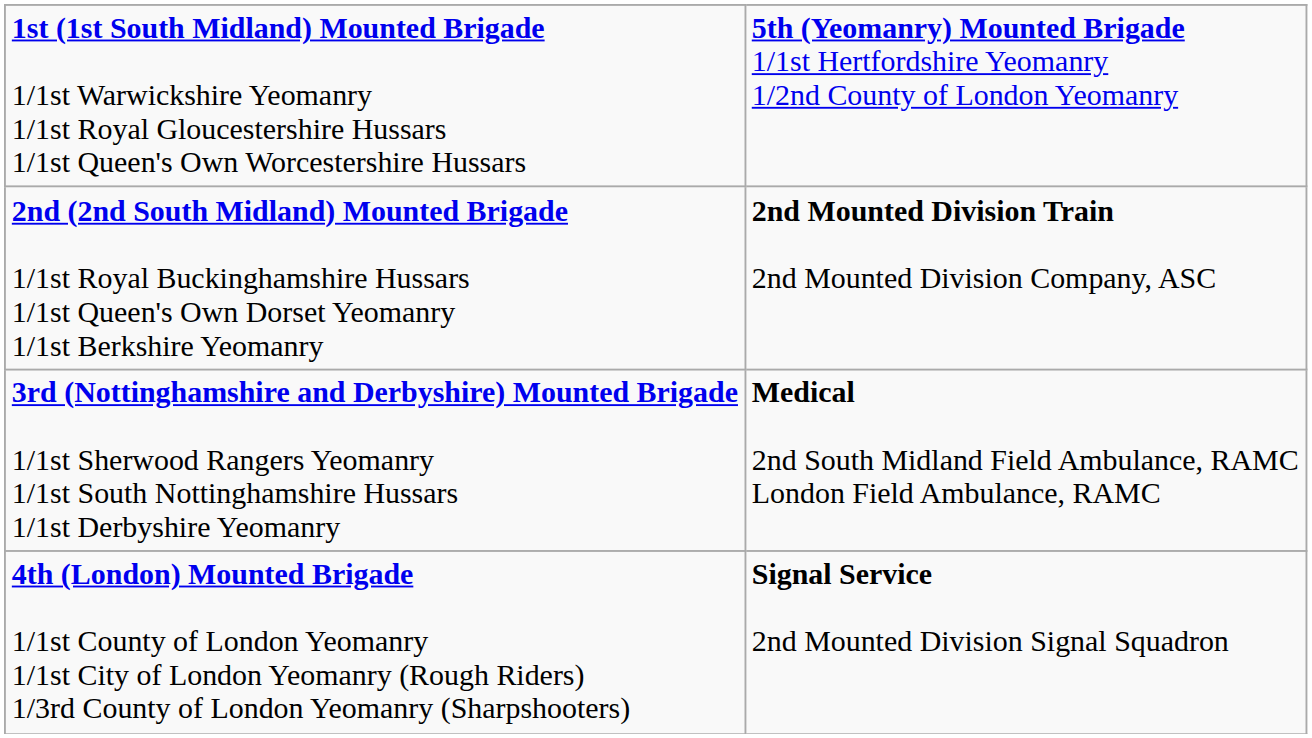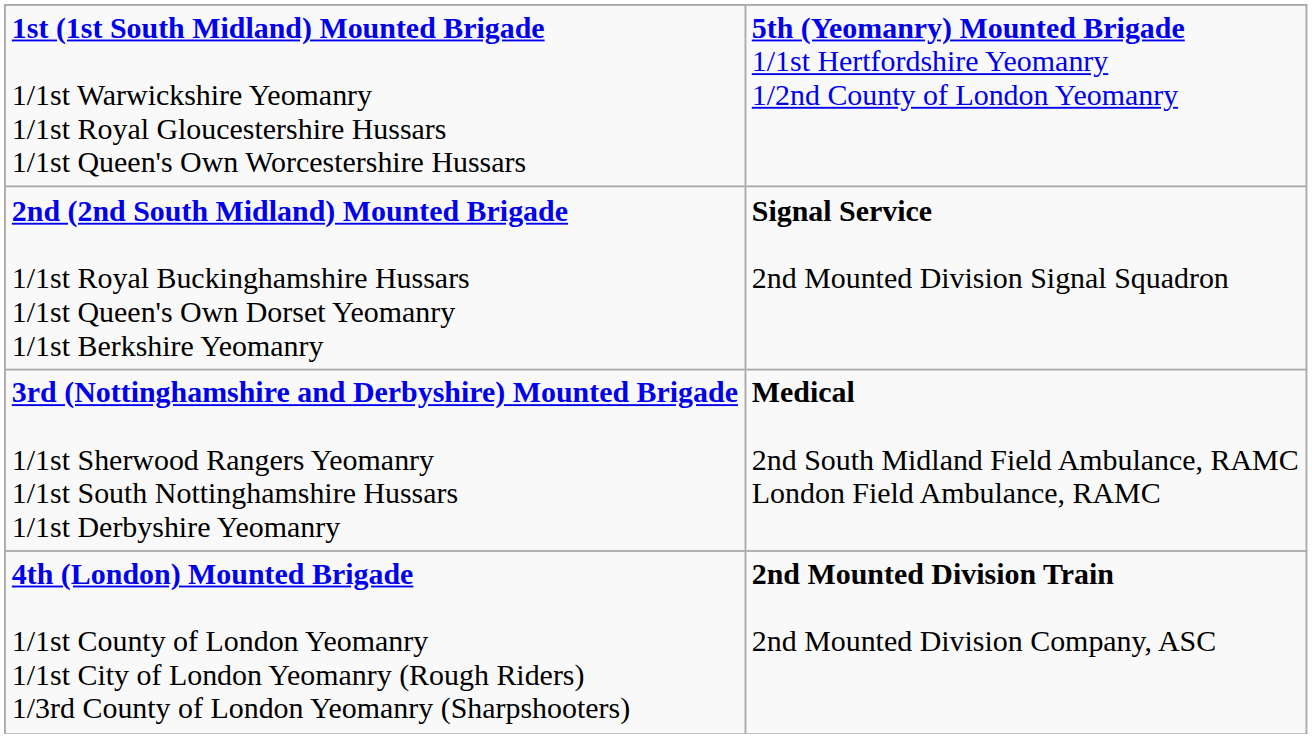 <table class="wikitable" border="1">
 <tr>
 <td valign=top><strong><a href='#'>1st (1st South Midland) Mounted Brigade</a></strong><br><br>1/1st Warwickshire Yeomanry<br> 1/1st Royal Gloucestershire Hussars<br> 1/1st Queen's Own Worcestershire Hussars</td>
 <td valign=top><strong><a href='#'>5th (Yeomanry) Mounted Brigade</a></strong><br><a href='#'>1/1st Hertfordshire Yeomanry</a><br> <a href='#'>1/2nd County of London Yeomanry</a></td>
 </tr>
 <tr>
 <td valign=top><strong><a href='#'>2nd (2nd South Midland) Mounted Brigade</a></strong><br><br>1/1st Royal Buckinghamshire Hussars<br> 1/1st Queen's Own Dorset Yeomanry<br> 1/1st Berkshire Yeomanry</td>
-<td valign=top><strong>2nd Mounted Division Train</strong><br><br>2nd Mounted Division Company, ASC</td>
+<td valign=top><strong>Signal Service</strong><br><br>2nd Mounted Division Signal Squadron</td>
 </tr>
 <tr>
 <td valign=top><strong><a href='#'>3rd (Nottinghamshire and Derbyshire) Mounted Brigade</a></strong><br><br>1/1st Sherwood Rangers Yeomanry<br> 1/1st South Nottinghamshire Hussars<br> 1/1st Derbyshire Yeomanry</td>
 <td valign=top><strong>Medical</strong><br><br>2nd South Midland Field Ambulance, RAMC<br> London Field Ambulance, RAMC</td>
 </tr>
 <tr>
 <td valign=top><strong><a href='#'>4th (London) Mounted Brigade</a></strong><br><br>1/1st County of London Yeomanry<br> 1/1st City of London Yeomanry (Rough Riders)<br> 1/3rd County of London Yeomanry (Sharpshooters)</td>
-<td valign=top><strong>Signal Service</strong><br><br>2nd Mounted Division Signal Squadron</td>
+<td valign=top><strong>2nd Mounted Division Train</strong><br><br>2nd Mounted Division Company, ASC</td>
 </tr>
 </table>
